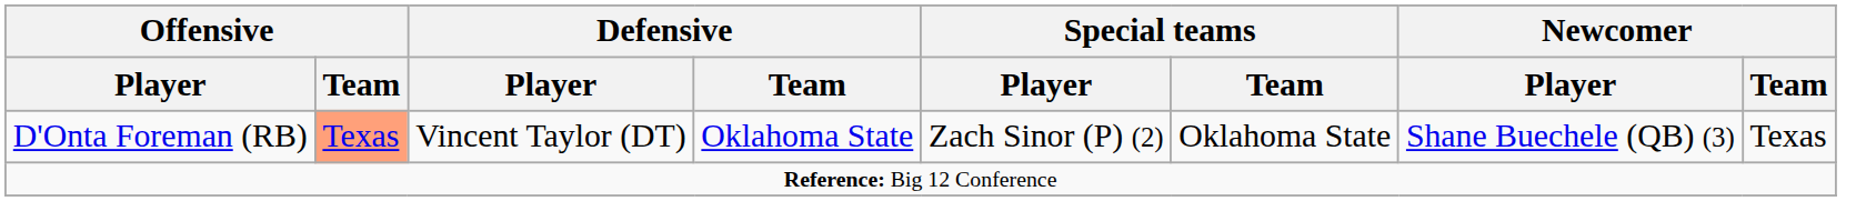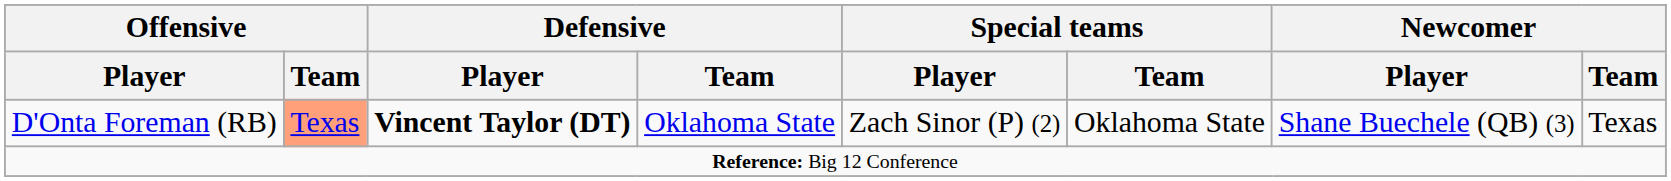 <table class="wikitable">
 <tr>
 <th colspan="2">Offensive</th>
 <th colspan="2">Defensive</th>
 <th colspan="2">Special teams</th>
 <th colspan="2">Newcomer</th>
 </tr>
 <tr>
 <th>Player</th>
 <th>Team</th>
 <th>Player</th>
 <th>Team</th>
 <th>Player</th>
 <th>Team</th>
 <th>Player</th>
 <th>Team</th>
 </tr>
 <tr>
 <td><a href='#'>D'Onta Foreman</a> (RB)</td>
 <td style="background: lightsalmon;"><a href='#'>Texas</a></td>
-<td>Vincent Taylor (DT)</td>
+<td><strong>Vincent Taylor (DT)</strong></td>
 <td><a href='#'>Oklahoma State</a></td>
 <td>Zach Sinor (P) <small>(2)</small></td>
 <td>Oklahoma State</td>
 <td><a href='#'>Shane Buechele</a> (QB) <small>(3)</small></td>
 <td>Texas</td>
 </tr>
 <tr>
 <td colspan="12"  style="font-size:8pt; text-align:center;"><strong>Reference:</strong> Big 12 Conference</td>
 </tr>
 </table>
